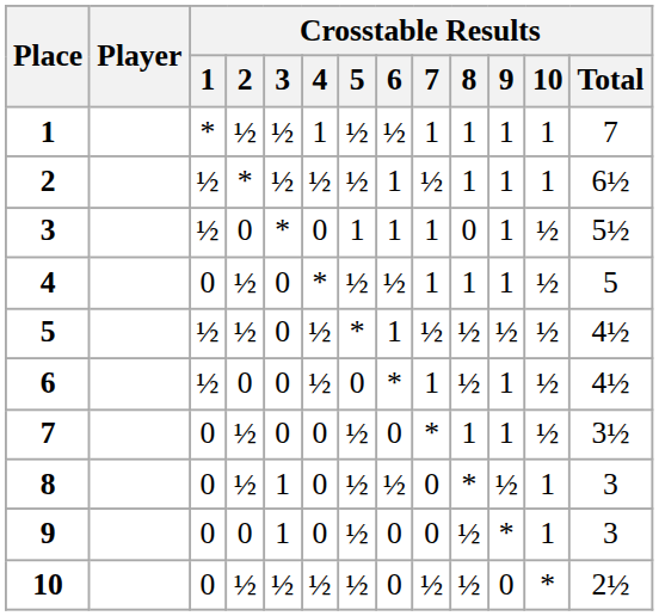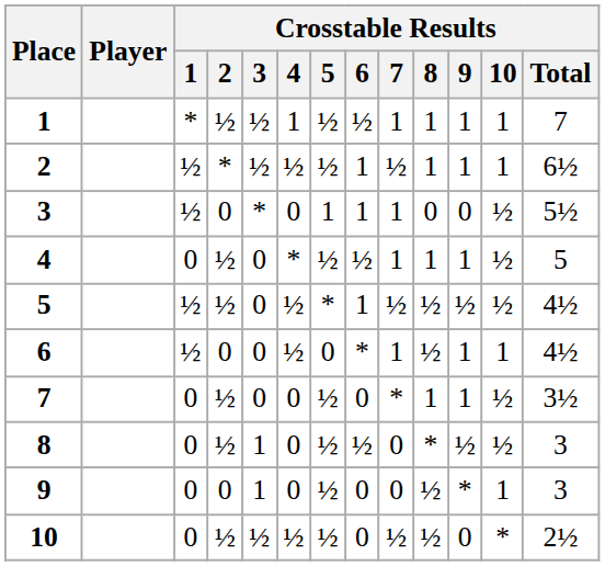 <table class="wikitable" style="font-size:85%;">
 <tr>
 <th rowspan="2">Place</th>
 <th rowspan="2">Player</th>
 <th colspan="11">Crosstable Results</th>
 </tr>
 <tr>
 <th>1</th>
 <th>2</th>
 <th>3</th>
 <th>4</th>
 <th>5</th>
 <th>6</th>
 <th>7</th>
 <th>8</th>
 <th>9</th>
 <th>10</th>
 <th>Total</th>
 </tr>
 <tr style="text-align:center; background:white; color:black;">
 <td><strong>1</strong></td>
 <td align="left"></td>
 <td>*</td>
 <td>½</td>
 <td>½</td>
 <td>1</td>
 <td>½</td>
 <td>½</td>
 <td>1</td>
 <td>1</td>
 <td>1</td>
 <td>1</td>
 <td>7</td>
 </tr>
 <tr style="text-align:center; background:white; color:black;">
 <td><strong>2</strong></td>
 <td align="left"></td>
 <td>½</td>
 <td>*</td>
 <td>½</td>
 <td>½</td>
 <td>½</td>
 <td>1</td>
 <td>½</td>
 <td>1</td>
 <td>1</td>
 <td>1</td>
 <td>6½</td>
 </tr>
 <tr style="text-align:center; background:white; color:black;">
 <td><strong>3</strong></td>
 <td align="left"></td>
 <td>½</td>
 <td>0</td>
 <td>*</td>
 <td>0</td>
 <td>1</td>
 <td>1</td>
 <td>1</td>
 <td>0</td>
-<td>1</td>
+<td>0</td>
 <td>½</td>
 <td>5½</td>
 </tr>
 <tr style="text-align:center; background:white; color:black;">
 <td><strong>4</strong></td>
 <td align="left"></td>
 <td>0</td>
 <td>½</td>
 <td>0</td>
 <td>*</td>
 <td>½</td>
 <td>½</td>
 <td>1</td>
 <td>1</td>
 <td>1</td>
 <td>½</td>
 <td>5</td>
 </tr>
 <tr style="text-align:center; background:white; color:black;">
 <td><strong>5</strong></td>
 <td align="left"></td>
 <td>½</td>
 <td>½</td>
 <td>0</td>
 <td>½</td>
 <td>*</td>
 <td>1</td>
 <td>½</td>
 <td>½</td>
 <td>½</td>
 <td>½</td>
 <td>4½</td>
 </tr>
 <tr style="text-align:center; background:white; color:black;">
 <td><strong>6</strong></td>
 <td align="left"></td>
 <td>½</td>
 <td>0</td>
 <td>0</td>
 <td>½</td>
 <td>0</td>
 <td>*</td>
 <td>1</td>
 <td>½</td>
 <td>1</td>
-<td>½</td>
+<td>1</td>
 <td>4½</td>
 </tr>
 <tr style="text-align:center; background:white; color:black;">
 <td><strong>7</strong></td>
 <td align="left"></td>
 <td>0</td>
 <td>½</td>
 <td>0</td>
 <td>0</td>
 <td>½</td>
 <td>0</td>
 <td>*</td>
 <td>1</td>
 <td>1</td>
 <td>½</td>
 <td>3½</td>
 </tr>
 <tr style="text-align:center; background:white; color:black;">
 <td><strong>8</strong></td>
 <td align="left"></td>
 <td>0</td>
 <td>½</td>
 <td>1</td>
 <td>0</td>
 <td>½</td>
 <td>½</td>
 <td>0</td>
 <td>*</td>
 <td>½</td>
-<td>1</td>
+<td>½</td>
 <td>3</td>
 </tr>
 <tr style="text-align:center; background:white; color:black;">
 <td><strong>9</strong></td>
 <td align="left"></td>
 <td>0</td>
 <td>0</td>
 <td>1</td>
 <td>0</td>
 <td>½</td>
 <td>0</td>
 <td>0</td>
 <td>½</td>
 <td>*</td>
 <td>1</td>
 <td>3</td>
 </tr>
 <tr style="text-align:center; background:white; color:black;">
 <td><strong>10</strong></td>
 <td align="left"></td>
 <td>0</td>
 <td>½</td>
 <td>½</td>
 <td>½</td>
 <td>½</td>
 <td>0</td>
 <td>½</td>
 <td>½</td>
 <td>0</td>
 <td>*</td>
 <td>2½</td>
 </tr>
 </table>
